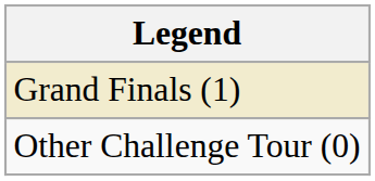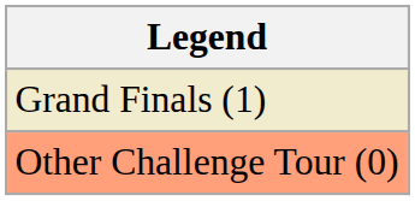 <table class="wikitable" style="font-size:95%;">
 <tr>
 <th>Legend</th>
 </tr>
 <tr style="background:#f2ecce;">
 <td>Grand Finals (1)</td>
 </tr>
 <tr>
-<td>Other Challenge Tour (0)</td>
+<td style="background: lightsalmon;">Other Challenge Tour (0)</td>
 </tr>
 </table>
